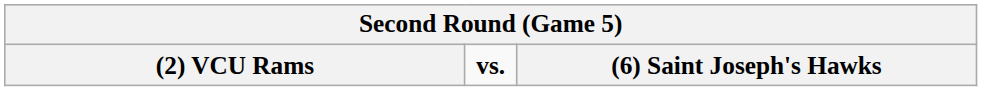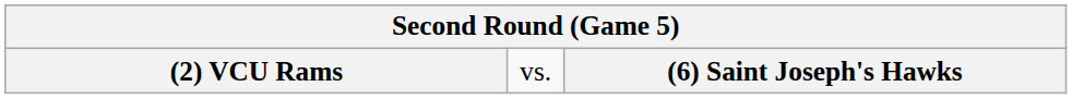 <table class="wikitable">
 <tr>
 <th style="width: 594px;" colspan=3>Second Round (Game 5)</th>
 </tr>
 <tr>
 <th style="width: 284px; ">(2) VCU Rams</th>
-<td style="width: 25px; text-align:center"><strong>vs.</strong></td>
+<td style="width: 25px; text-align:center">vs.</td>
 <th style="width: 284px; ">(6) Saint Joseph's Hawks</th>
 </tr>
 </table>
